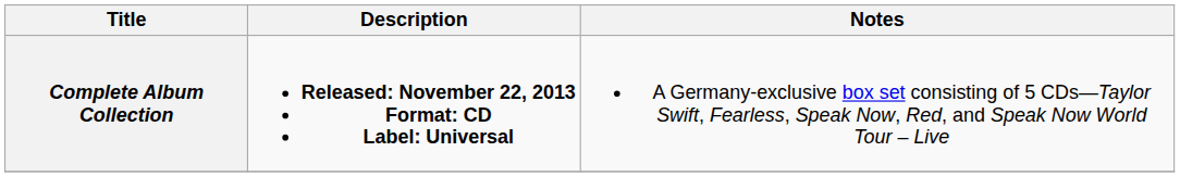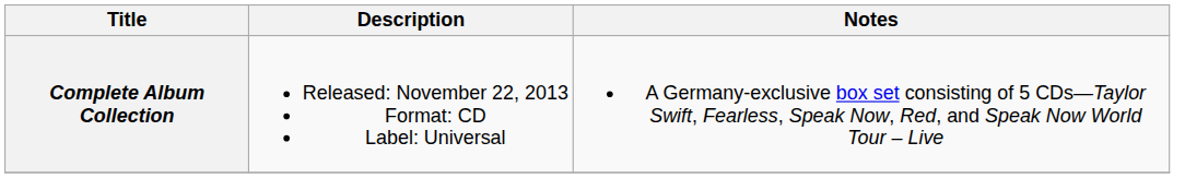 <table class="wikitable plainrowheaders" style="text-align:center;">
 <tr>
 <th scope="col" style="width:12em;">Title</th>
 <th scope="col">Description</th>
 <th scope="col" style="width:30em;">Notes</th>
 </tr>
 <tr>
 <th scope="row"><em>Complete Album Collection</em></th>
-<td><strong><br><ul><li>Released: November 22, 2013</li><li>Format: CD</li><li>Label: Universal</li></ul></strong></td>
+<td><br><ul><li>Released: November 22, 2013</li><li>Format: CD</li><li>Label: Universal</li></ul></td>
 <td><br><ul><li>A Germany-exclusive <a href='#'>box set</a> consisting of 5 CDs—<em>Taylor Swift</em>, <em>Fearless</em>, <em>Speak Now</em>, <em>Red</em>, and <em>Speak Now World Tour – Live</em></li></ul></td>
 </tr>
 <tr>
 </tr>
 </table>
